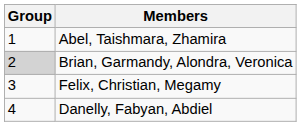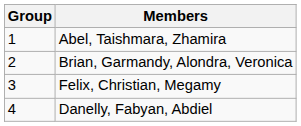 <table class="wikitable">
 <tr>
 <th>Group</th>
 <th>Members</th>
 </tr>
 <tr>
 <td>1</td>
 <td>Abel, Taishmara, Zhamira</td>
 </tr>
 <tr>
-<td style="background: lightgrey;">2</td>
+<td>2</td>
 <td>Brian, Garmandy, Alondra, Veronica</td>
 </tr>
 <tr>
 <td>3</td>
 <td>Felix, Christian, Megamy</td>
 </tr>
 <tr>
 <td>4</td>
 <td>Danelly, Fabyan, Abdiel</td>
 </tr>
 </table>
